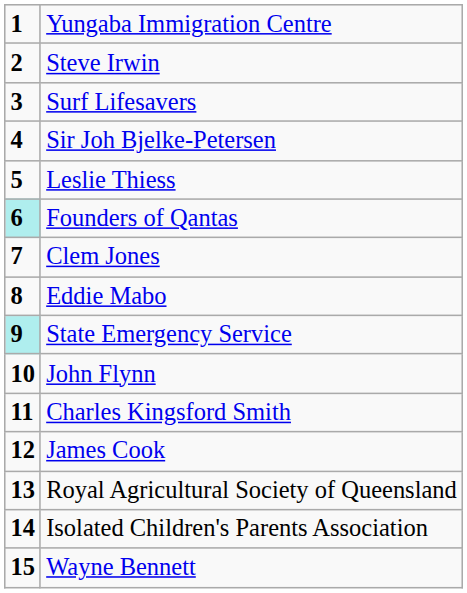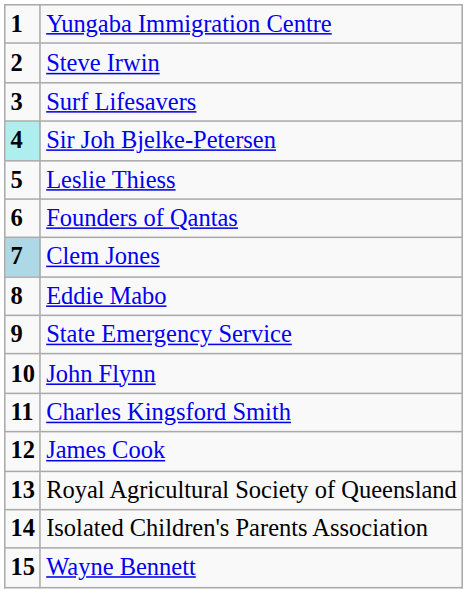 <table class="wikitable">
 <tr>
 <td><strong>1</strong></td>
 <td><a href='#'>Yungaba Immigration Centre</a></td>
 </tr>
 <tr>
 <td><strong>2</strong></td>
 <td><a href='#'>Steve Irwin</a></td>
 </tr>
 <tr>
 <td><strong>3</strong></td>
 <td><a href='#'>Surf Lifesavers</a></td>
 </tr>
 <tr>
-<td><strong>4</strong></td>
+<td style="background: paleturquoise;"><strong>4</strong></td>
 <td><a href='#'>Sir Joh Bjelke-Petersen</a></td>
 </tr>
 <tr>
 <td><strong>5</strong></td>
 <td><a href='#'>Leslie Thiess</a></td>
 </tr>
 <tr>
-<td style="background: paleturquoise;"><strong>6</strong></td>
+<td><strong>6</strong></td>
 <td><a href='#'>Founders of Qantas</a></td>
 </tr>
 <tr>
-<td><strong>7</strong></td>
+<td style="background: lightblue;"><strong>7</strong></td>
 <td><a href='#'>Clem Jones</a></td>
 </tr>
 <tr>
 <td><strong>8</strong></td>
 <td><a href='#'>Eddie Mabo</a></td>
 </tr>
 <tr>
-<td style="background: paleturquoise;"><strong>9</strong></td>
+<td><strong>9</strong></td>
 <td><a href='#'>State Emergency Service</a></td>
 </tr>
 <tr>
 <td><strong>10</strong></td>
 <td><a href='#'>John Flynn</a></td>
 </tr>
 <tr>
 <td><strong>11</strong></td>
 <td><a href='#'>Charles Kingsford Smith</a></td>
 </tr>
 <tr>
 <td><strong>12</strong></td>
 <td><a href='#'>James Cook</a></td>
 </tr>
 <tr>
 <td><strong>13</strong></td>
 <td>Royal Agricultural Society of Queensland</td>
 </tr>
 <tr>
 <td><strong>14</strong></td>
 <td>Isolated Children's Parents Association</td>
 </tr>
 <tr>
 <td><strong>15</strong></td>
 <td><a href='#'>Wayne Bennett</a></td>
 </tr>
 </table>
